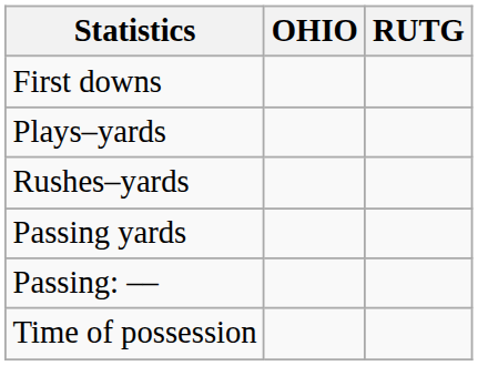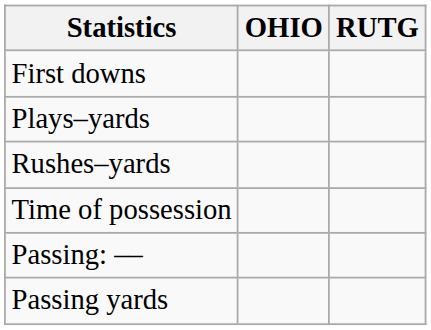 <table class="wikitable" style="float:left">
 <tr>
 <th>Statistics</th>
 <th>OHIO</th>
 <th>RUTG</th>
 </tr>
 <tr>
 <td>First downs</td>
 <td></td>
 <td></td>
 </tr>
 <tr>
 <td>Plays–yards</td>
 <td></td>
 <td></td>
 </tr>
 <tr>
 <td>Rushes–yards</td>
 <td></td>
 <td></td>
 </tr>
 <tr>
-<td>Passing yards</td>
+<td>Time of possession</td>
 <td></td>
 <td></td>
 </tr>
 <tr>
 <td>Passing: ––</td>
 <td></td>
 <td></td>
 </tr>
 <tr>
-<td>Time of possession</td>
+<td>Passing yards</td>
 <td></td>
 <td></td>
 </tr>
 </table>
